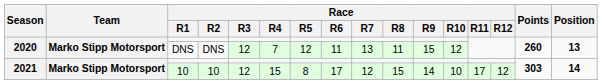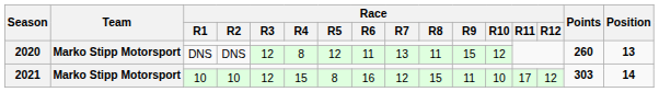 <table class="wikitable" style="text-align:center; font-size:85%;">
 <tr>
 <th rowspan="2">Season</th>
 <th rowspan="2">Team</th>
 <th colspan="12">Race</th>
 <th rowspan="2"><strong>Points</strong></th>
 <th rowspan="2">Position</th>
 </tr>
 <tr>
 <th style="width:2.5em">R1</th>
 <th style="width:2.5em">R2</th>
 <th style="width:2.5em">R3</th>
 <th style="width:2.5em">R4</th>
 <th style="width:2.5em">R5</th>
 <th style="width:2.5em">R6</th>
 <th style="width:2.5em">R7</th>
 <th style="width:2.5em">R8</th>
 <th style="width:2.5em">R9</th>
 <th>R10</th>
 <th>R11</th>
 <th>R12</th>
 </tr>
 <tr>
 <th rowspan="2">2020</th>
 <th rowspan="2">Marko Stipp Motorsport</th>
 <td colspan="2"></td>
 <td colspan="2"></td>
 <td colspan="2"></td>
 <td colspan="2"></td>
 <td colspan="2"></td>
 <td colspan="2" rowspan="2"></td>
 <td rowspan="2"><strong>260</strong></td>
 <td rowspan="2"><strong>13</strong></td>
 </tr>
 <tr>
 <td>DNS</td>
 <td>DNS</td>
 <td style="background:#DFFFDF;">12</td>
-<td style="background:#DFFFDF;">7</td>
+<td style="background:#DFFFDF;">8</td>
 <td style="background:#DFFFDF;">12</td>
 <td style="background:#DFFFDF;">11</td>
 <td style="background:#DFFFDF;">13</td>
 <td style="background:#DFFFDF;">11</td>
 <td style="background:#DFFFDF;">15</td>
 <td style="background:#DFFFDF;">12</td>
 </tr>
 <tr>
 <th rowspan="2">2021</th>
 <th rowspan="2">Marko Stipp Motorsport</th>
 <td colspan="2"></td>
 <td colspan="2"></td>
 <td colspan="2"></td>
 <td colspan="2"></td>
 <td colspan="2"></td>
 <td colspan="2"></td>
 <td rowspan="2"><strong>303</strong></td>
 <td rowspan="2"><strong>14</strong></td>
 </tr>
 <tr>
 <td style="background:#DFFFDF;">10</td>
 <td style="background:#DFFFDF;">10</td>
 <td style="background:#DFFFDF;">12</td>
 <td style="background:#DFFFDF;">15</td>
 <td style="background:#DFFFDF;">8</td>
-<td style="background:#DFFFDF;">17</td>
+<td style="background:#DFFFDF;">16</td>
 <td style="background:#DFFFDF;">12</td>
 <td style="background:#DFFFDF;">15</td>
-<td style="background:#DFFFDF;">14</td>
+<td style="background:#DFFFDF;">11</td>
 <td style="background:#DFFFDF;">10</td>
 <td style="background:#DFFFDF;">17</td>
 <td style="background:#DFFFDF;">12</td>
 </tr>
 </table>
